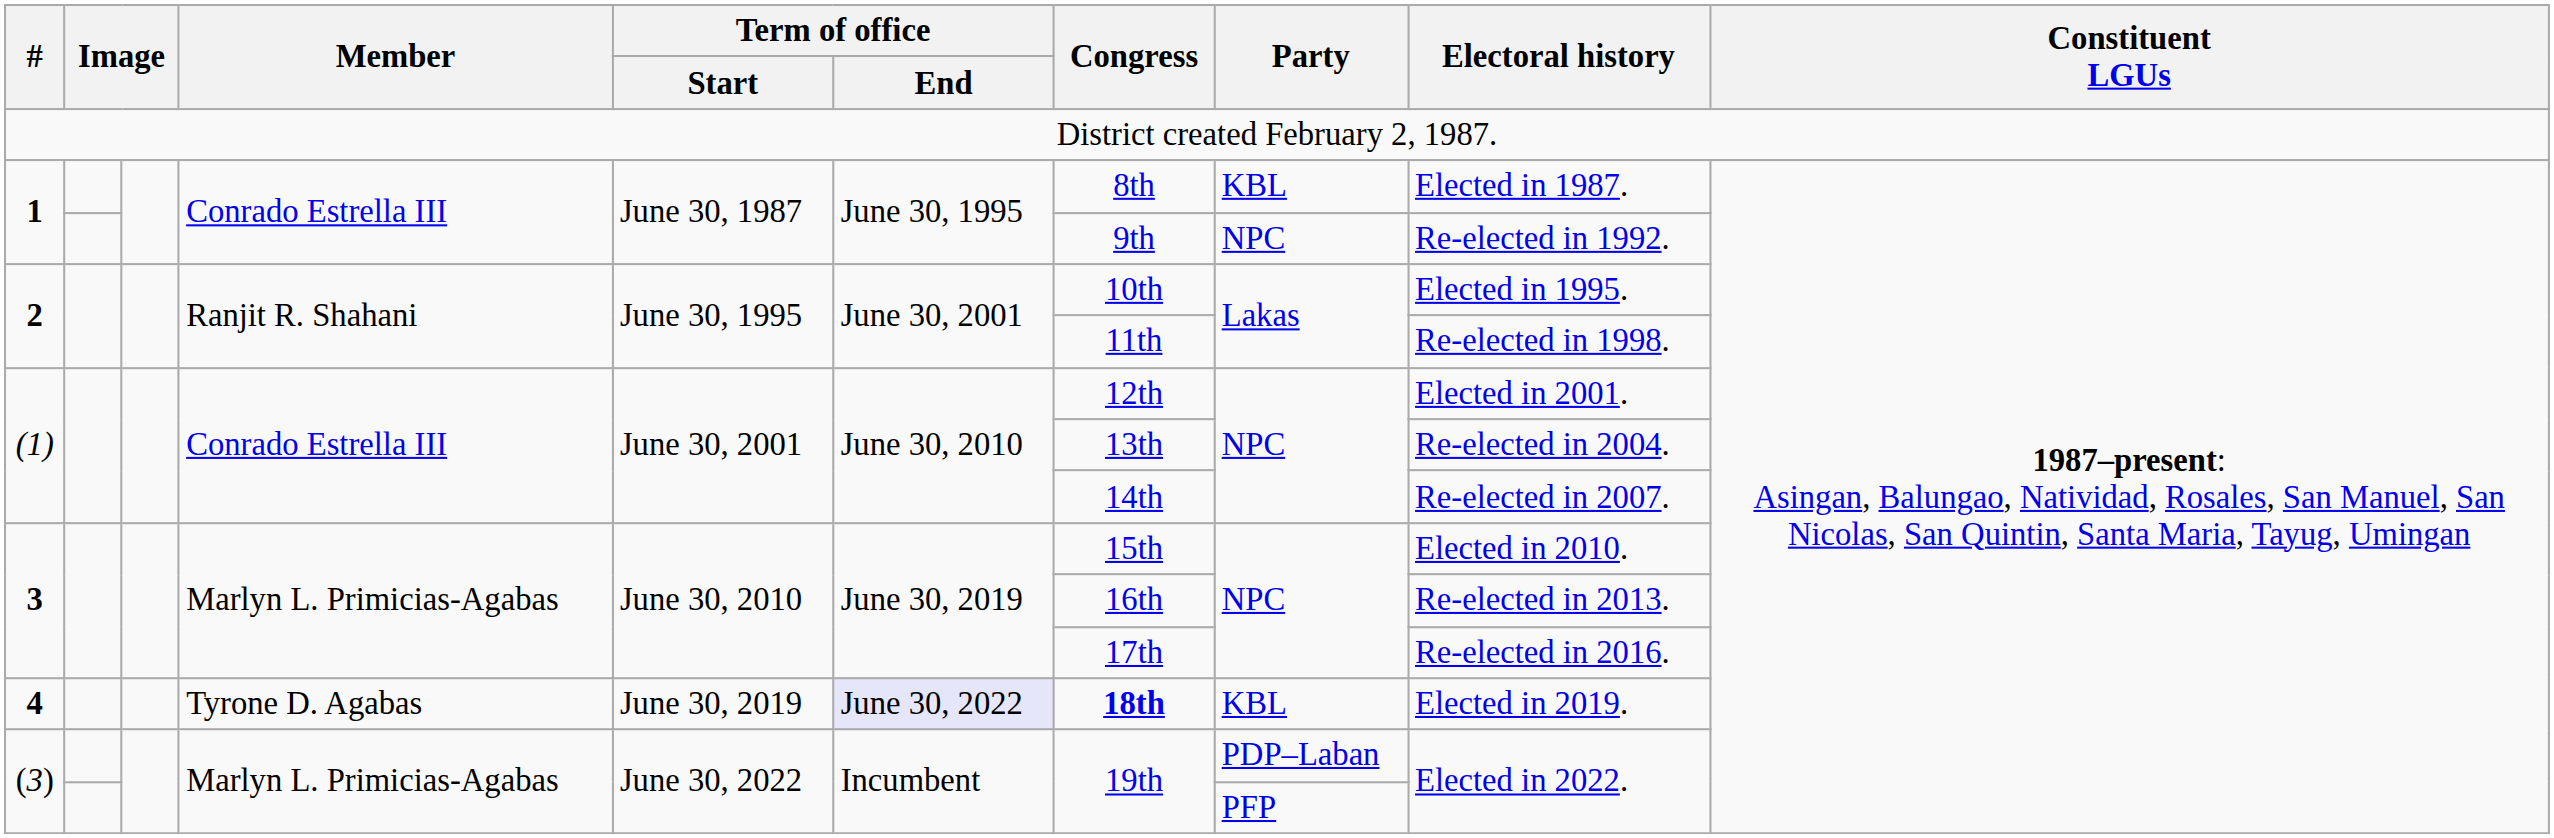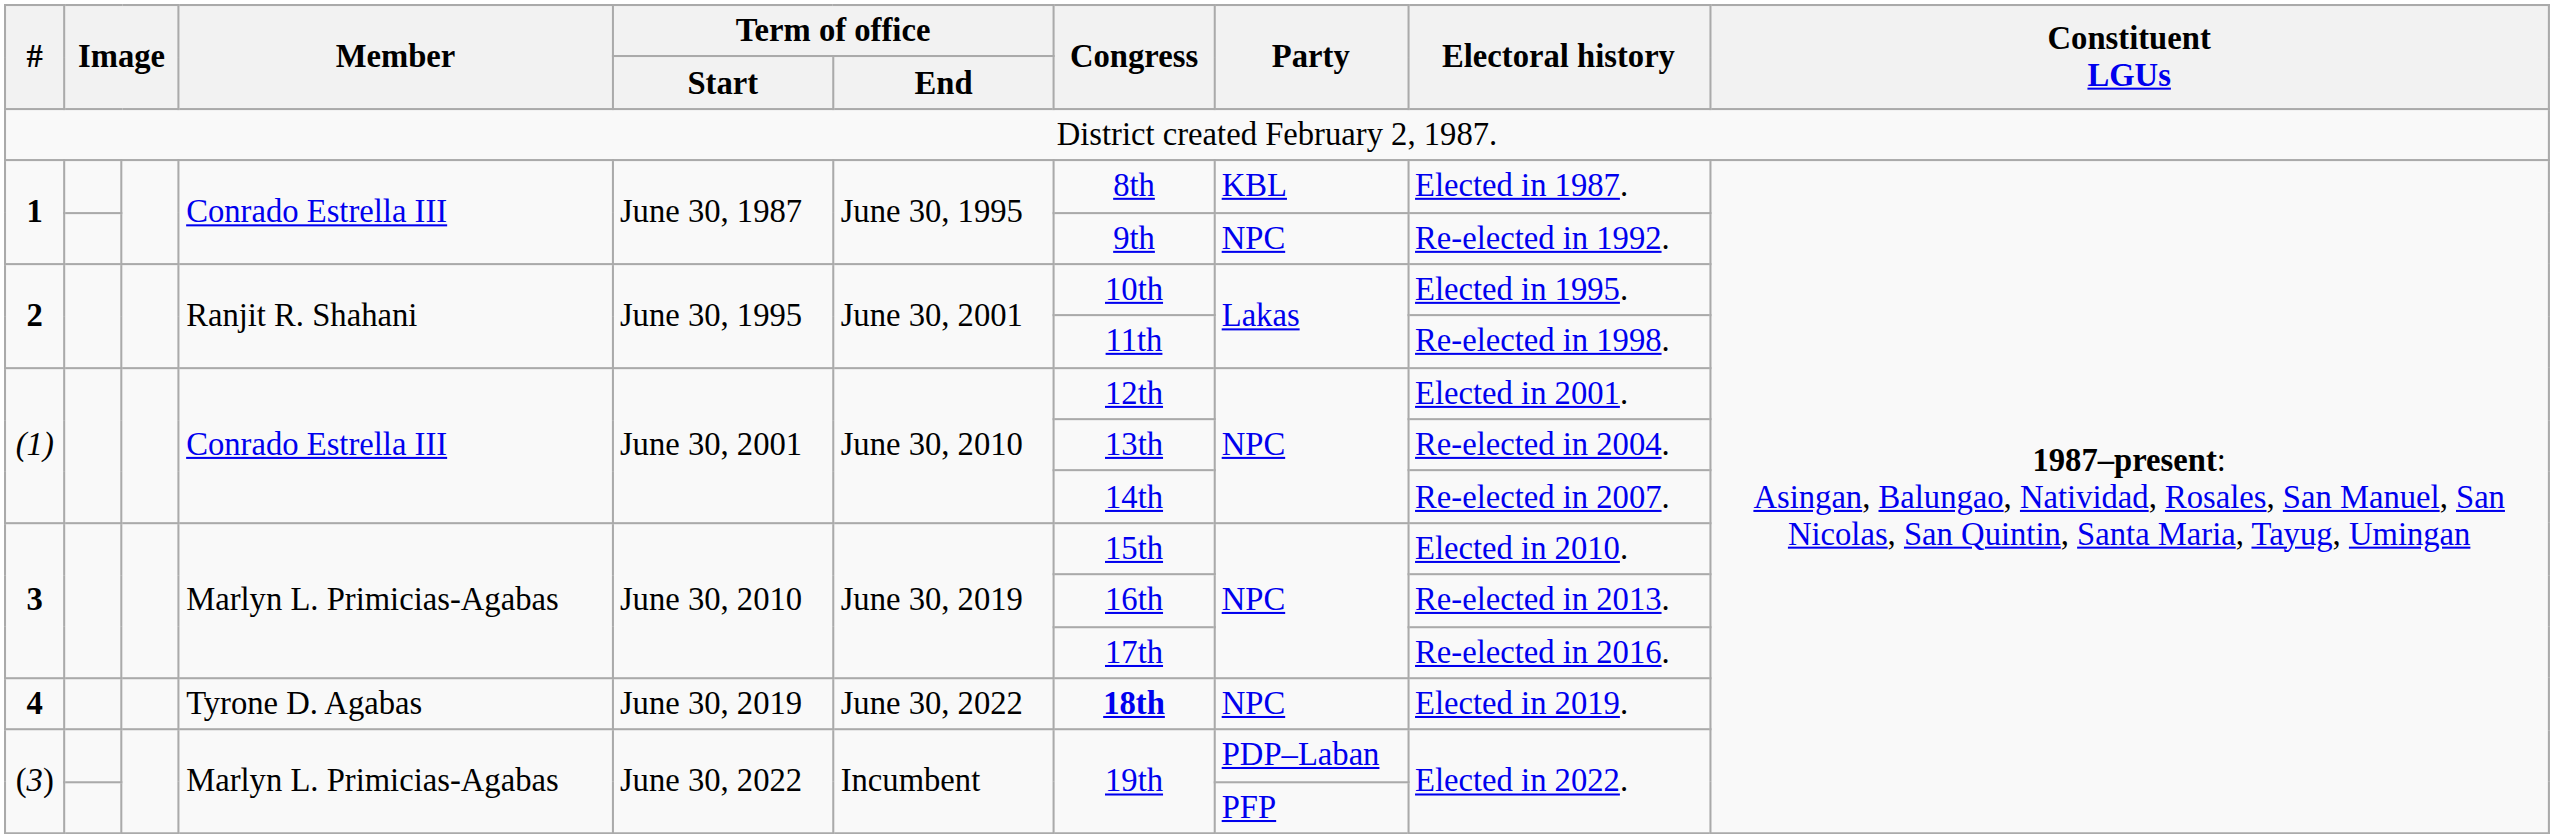 <table class="wikitable">
 <tr>
 <th rowspan="2">#</th>
 <th colspan="2" rowspan="2">Image</th>
 <th rowspan="2">Member</th>
 <th colspan="2">Term of office</th>
 <th rowspan="2">Congress</th>
 <th rowspan="2">Party</th>
 <th rowspan="2">Electoral history</th>
 <th rowspan="2" width="33%">Constituent<br><a href='#'>LGUs</a></th>
 </tr>
 <tr>
 <th>Start</th>
 <th>End</th>
 </tr>
 <tr>
 <td colspan="10" style="text-align:center;">District created February 2, 1987.</td>
 </tr>
 <tr>
 <td rowspan="2" style="text-align:center;"><strong>1</strong></td>
 <td style="color:inherit;background:"></td>
 <td rowspan="2"></td>
 <td rowspan="2"><a href='#'>Conrado Estrella III</a></td>
 <td rowspan="2">June 30, 1987</td>
 <td rowspan="2">June 30, 1995</td>
 <td style="text-align:center;"><a href='#'>8th</a></td>
 <td><a href='#'>KBL</a></td>
 <td><a href='#'>Elected in 1987</a>.</td>
 <td rowspan="13" align="center"><strong>1987–present</strong>:<br><a href='#'>Asingan</a>, <a href='#'>Balungao</a>, <a href='#'>Natividad</a>, <a href='#'>Rosales</a>, <a href='#'>San Manuel</a>, <a href='#'>San Nicolas</a>, <a href='#'>San Quintin</a>, <a href='#'>Santa Maria</a>, <a href='#'>Tayug</a>, <a href='#'>Umingan</a></td>
 </tr>
 <tr>
 <td style="color:inherit;background:"></td>
 <td style="text-align:center;"><a href='#'>9th</a></td>
 <td><a href='#'>NPC</a></td>
 <td><a href='#'>Re-elected in 1992</a>.</td>
 </tr>
 <tr>
 <td rowspan="2" style="text-align:center;"><strong>2</strong></td>
 <td rowspan="2" style="color:inherit;background:"></td>
 <td rowspan="2"></td>
 <td rowspan="2">Ranjit R. Shahani</td>
 <td rowspan="2">June 30, 1995</td>
 <td rowspan="2">June 30, 2001</td>
 <td style="text-align:center;"><a href='#'>10th</a></td>
 <td rowspan="2"><a href='#'>Lakas</a></td>
 <td><a href='#'>Elected in 1995</a>.</td>
 </tr>
 <tr>
 <td style="text-align:center;"><a href='#'>11th</a></td>
 <td><a href='#'>Re-elected in 1998</a>.</td>
 </tr>
 <tr>
 <td rowspan="3" style="text-align:center;"><em>(1)</em></td>
 <td rowspan="3" style="color:inherit;background:"></td>
 <td rowspan="3"></td>
 <td rowspan="3"><a href='#'>Conrado Estrella III</a></td>
 <td rowspan="3">June 30, 2001</td>
 <td rowspan="3">June 30, 2010</td>
 <td style="text-align:center;"><a href='#'>12th</a></td>
 <td rowspan="3"><a href='#'>NPC</a></td>
 <td><a href='#'>Elected in 2001</a>.</td>
 </tr>
 <tr>
 <td style="text-align:center;"><a href='#'>13th</a></td>
 <td><a href='#'>Re-elected in 2004</a>.</td>
 </tr>
 <tr>
 <td style="text-align:center;"><a href='#'>14th</a></td>
 <td><a href='#'>Re-elected in 2007</a>.</td>
 </tr>
 <tr>
 <td rowspan="3" style="text-align:center;"><strong>3</strong></td>
 <td rowspan="3" style="color:inherit;background:"></td>
 <td rowspan="3"></td>
 <td rowspan="3">Marlyn L. Primicias-Agabas</td>
 <td rowspan="3">June 30, 2010</td>
 <td rowspan="3">June 30, 2019</td>
 <td style="text-align:center;"><a href='#'>15th</a></td>
 <td rowspan="3"><a href='#'>NPC</a></td>
 <td><a href='#'>Elected in 2010</a>.</td>
 </tr>
 <tr>
 <td style="text-align:center;"><a href='#'>16th</a></td>
 <td><a href='#'>Re-elected in 2013</a>.</td>
 </tr>
 <tr>
 <td style="text-align:center;"><a href='#'>17th</a></td>
 <td><a href='#'>Re-elected in 2016</a>.</td>
 </tr>
 <tr>
 <td style="text-align:center;"><strong>4</strong></td>
 <td style="color:inherit;background:"></td>
 <td></td>
 <td>Tyrone D. Agabas</td>
 <td>June 30, 2019</td>
-<td style="background: lavender;">June 30, 2022</td>
+<td>June 30, 2022</td>
 <td style="text-align:center;"><strong><a href='#'>18th</a></strong></td>
-<td><a href='#'>KBL</a></td>
+<td><a href='#'>NPC</a></td>
 <td><a href='#'>Elected in 2019</a>.</td>
 </tr>
 <tr>
 <td style="text-align:center;" rowspan="2">(<em>3</em>)</td>
 <td style="color:inherit;background:"></td>
 <td rowspan="2"></td>
 <td rowspan="2">Marlyn L. Primicias-Agabas</td>
 <td rowspan="2">June 30, 2022</td>
 <td rowspan="2">Incumbent</td>
 <td style="text-align:center;" rowspan="2"><a href='#'>19th</a></td>
 <td><a href='#'>PDP–Laban</a></td>
 <td rowspan="2"><a href='#'>Elected in 2022</a>.</td>
 </tr>
 <tr>
 <td style="color:inherit;background:"></td>
 <td><a href='#'>PFP</a></td>
 </tr>
 </table>
